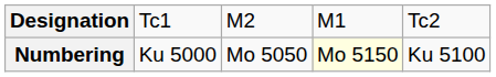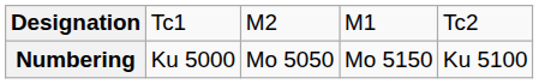 <table class="wikitable">
 <tr>
 <th>Designation</th>
 <td>Tc1</td>
 <td>M2</td>
 <td>M1</td>
 <td>Tc2</td>
 </tr>
 <tr>
 <th>Numbering</th>
 <td>Ku 5000</td>
 <td>Mo 5050</td>
-<td style="background: lightyellow;">Mo 5150</td>
+<td>Mo 5150</td>
 <td>Ku 5100</td>
 </tr>
 </table>
